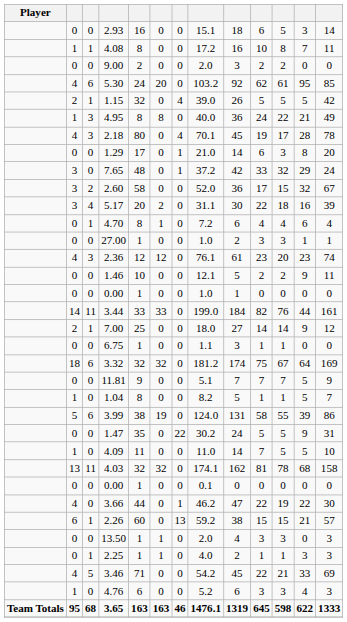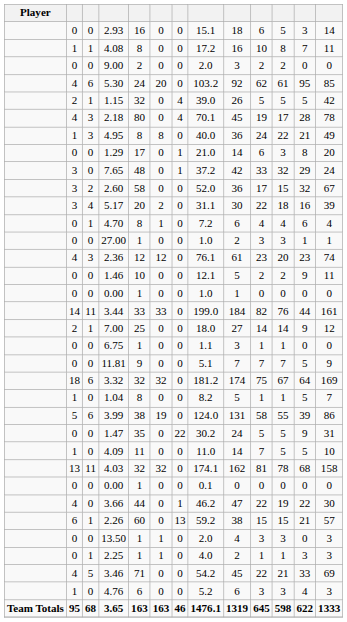 <table class="wikitable sortable" style="text-align:center;">
 <tr>
 <th>Player</th>
 <th></th>
 <th></th>
 <th></th>
 <th></th>
 <th></th>
 <th></th>
 <th></th>
 <th></th>
 <th></th>
 <th></th>
 <th></th>
 <th></th>
 </tr>
 <tr>
 <td align="left"><strong></strong></td>
 <td>0</td>
 <td>0</td>
 <td>2.93</td>
 <td>16</td>
 <td>0</td>
 <td>0</td>
 <td>15.1</td>
 <td>18</td>
 <td>6</td>
 <td>5</td>
 <td>3</td>
 <td>14</td>
 </tr>
 <tr>
 <td align="left"></td>
 <td>1</td>
 <td>1</td>
 <td>4.08</td>
 <td>8</td>
 <td>0</td>
 <td>0</td>
 <td>17.2</td>
 <td>16</td>
 <td>10</td>
 <td>8</td>
 <td>7</td>
 <td>11</td>
 </tr>
 <tr>
 <td align="left"><strong></strong></td>
 <td>0</td>
 <td>0</td>
 <td>9.00</td>
 <td>2</td>
 <td>0</td>
 <td>0</td>
 <td>2.0</td>
 <td>3</td>
 <td>2</td>
 <td>2</td>
 <td>0</td>
 <td>0</td>
 </tr>
 <tr>
 <td align="left"></td>
 <td>4</td>
 <td>6</td>
 <td>5.30</td>
 <td>24</td>
 <td>20</td>
 <td>0</td>
 <td>103.2</td>
 <td>92</td>
 <td>62</td>
 <td>61</td>
 <td>95</td>
 <td>85</td>
 </tr>
 <tr>
 <td align="left"><strong></strong></td>
 <td>2</td>
 <td>1</td>
 <td>1.15</td>
 <td>32</td>
 <td>0</td>
 <td>4</td>
 <td>39.0</td>
 <td>26</td>
 <td>5</td>
 <td>5</td>
 <td>5</td>
 <td>42</td>
 </tr>
 <tr>
 <td align="left"><strong></strong></td>
+<td>4</td>
+<td>3</td>
+<td>2.18</td>
+<td>80</td>
+<td>0</td>
+<td>4</td>
+<td>70.1</td>
+<td>45</td>
+<td>19</td>
+<td>17</td>
+<td>28</td>
+<td>78</td>
+</tr>
+<tr>
+<td align="left"><strong></strong></td>
 <td>1</td>
 <td>3</td>
 <td>4.95</td>
 <td>8</td>
 <td>8</td>
 <td>0</td>
 <td>40.0</td>
 <td>36</td>
 <td>24</td>
 <td>22</td>
 <td>21</td>
 <td>49</td>
-</tr>
-<tr>
-<td align="left"><strong></strong></td>
-<td>4</td>
-<td>3</td>
-<td>2.18</td>
-<td>80</td>
-<td>0</td>
-<td>4</td>
-<td>70.1</td>
-<td>45</td>
-<td>19</td>
-<td>17</td>
-<td>28</td>
-<td>78</td>
 </tr>
 <tr>
 <td align="left"></td>
 <td>0</td>
 <td>0</td>
 <td>1.29</td>
 <td>17</td>
 <td>0</td>
 <td>1</td>
 <td>21.0</td>
 <td>14</td>
 <td>6</td>
 <td>3</td>
 <td>8</td>
 <td>20</td>
 </tr>
 <tr>
 <td align="left"></td>
 <td>3</td>
 <td>0</td>
 <td>7.65</td>
 <td>48</td>
 <td>0</td>
 <td>1</td>
 <td>37.2</td>
 <td>42</td>
 <td>33</td>
 <td>32</td>
 <td>29</td>
 <td>24</td>
 </tr>
 <tr>
 <td align="left"><strong></strong></td>
 <td>3</td>
 <td>2</td>
 <td>2.60</td>
 <td>58</td>
 <td>0</td>
 <td>0</td>
 <td>52.0</td>
 <td>36</td>
 <td>17</td>
 <td>15</td>
 <td>32</td>
 <td>67</td>
 </tr>
 <tr>
 <td align="left"><strong></strong></td>
 <td>3</td>
 <td>4</td>
 <td>5.17</td>
 <td>20</td>
 <td>2</td>
 <td>0</td>
 <td>31.1</td>
 <td>30</td>
 <td>22</td>
 <td>18</td>
 <td>16</td>
 <td>39</td>
 </tr>
 <tr>
 <td align="left"></td>
 <td>0</td>
 <td>1</td>
 <td>4.70</td>
 <td>8</td>
 <td>1</td>
 <td>0</td>
 <td>7.2</td>
 <td>6</td>
 <td>4</td>
 <td>4</td>
 <td>6</td>
 <td>4</td>
 </tr>
 <tr>
 <td align="left"></td>
 <td>0</td>
 <td>0</td>
 <td>27.00</td>
 <td>1</td>
 <td>0</td>
 <td>0</td>
 <td>1.0</td>
 <td>2</td>
 <td>3</td>
 <td>3</td>
 <td>1</td>
 <td>1</td>
 </tr>
 <tr>
 <td align="left"></td>
 <td>4</td>
 <td>3</td>
 <td>2.36</td>
 <td>12</td>
 <td>12</td>
 <td>0</td>
 <td>76.1</td>
 <td>61</td>
 <td>23</td>
 <td>20</td>
 <td>23</td>
 <td>74</td>
 </tr>
 <tr>
 <td align="left"></td>
 <td>0</td>
 <td>0</td>
 <td>1.46</td>
 <td>10</td>
 <td>0</td>
 <td>0</td>
 <td>12.1</td>
 <td>5</td>
 <td>2</td>
 <td>2</td>
 <td>9</td>
 <td>11</td>
 </tr>
 <tr>
 <td align="left"><strong></strong></td>
 <td>0</td>
 <td>0</td>
 <td>0.00</td>
 <td>1</td>
 <td>0</td>
 <td>0</td>
 <td>1.0</td>
 <td>1</td>
 <td>0</td>
 <td>0</td>
 <td>0</td>
 <td>0</td>
 </tr>
 <tr>
 <td align="left"><strong></strong></td>
 <td>14</td>
 <td>11</td>
 <td>3.44</td>
 <td>33</td>
 <td>33</td>
 <td>0</td>
 <td>199.0</td>
 <td>184</td>
 <td>82</td>
 <td>76</td>
 <td>44</td>
 <td>161</td>
 </tr>
 <tr>
 <td align="left"></td>
 <td>2</td>
 <td>1</td>
 <td>7.00</td>
 <td>25</td>
 <td>0</td>
 <td>0</td>
 <td>18.0</td>
 <td>27</td>
 <td>14</td>
 <td>14</td>
 <td>9</td>
 <td>12</td>
 </tr>
 <tr>
 <td align="left"><strong></strong></td>
 <td>0</td>
 <td>0</td>
 <td>6.75</td>
 <td>1</td>
 <td>0</td>
 <td>0</td>
 <td>1.1</td>
 <td>3</td>
 <td>1</td>
 <td>1</td>
 <td>0</td>
 <td>0</td>
 </tr>
 <tr>
 <td align="left"></td>
+<td>0</td>
+<td>0</td>
+<td>11.81</td>
+<td>9</td>
+<td>0</td>
+<td>0</td>
+<td>5.1</td>
+<td>7</td>
+<td>7</td>
+<td>7</td>
+<td>5</td>
+<td>9</td>
+</tr>
+<tr>
+<td align="left"></td>
 <td>18</td>
 <td>6</td>
 <td>3.32</td>
 <td>32</td>
 <td>32</td>
 <td>0</td>
 <td>181.2</td>
 <td>174</td>
 <td>75</td>
 <td>67</td>
 <td>64</td>
 <td>169</td>
-</tr>
-<tr>
-<td align="left"></td>
-<td>0</td>
-<td>0</td>
-<td>11.81</td>
-<td>9</td>
-<td>0</td>
-<td>0</td>
-<td>5.1</td>
-<td>7</td>
-<td>7</td>
-<td>7</td>
-<td>5</td>
-<td>9</td>
 </tr>
 <tr>
 <td align="left"></td>
 <td>1</td>
 <td>0</td>
 <td>1.04</td>
 <td>8</td>
 <td>0</td>
 <td>0</td>
 <td>8.2</td>
 <td>5</td>
 <td>1</td>
 <td>1</td>
 <td>5</td>
 <td>7</td>
 </tr>
 <tr>
 <td align="left"></td>
 <td>5</td>
 <td>6</td>
 <td>3.99</td>
 <td>38</td>
 <td>19</td>
 <td>0</td>
 <td>124.0</td>
 <td>131</td>
 <td>58</td>
 <td>55</td>
 <td>39</td>
 <td>86</td>
 </tr>
 <tr>
 <td align="left"></td>
 <td>0</td>
 <td>0</td>
 <td>1.47</td>
 <td>35</td>
 <td>0</td>
 <td>22</td>
 <td>30.2</td>
 <td>24</td>
 <td>5</td>
 <td>5</td>
 <td>9</td>
 <td>31</td>
 </tr>
 <tr>
 <td align="left"><strong></strong></td>
 <td>1</td>
 <td>0</td>
 <td>4.09</td>
 <td>11</td>
 <td>0</td>
 <td>0</td>
 <td>11.0</td>
 <td>14</td>
 <td>7</td>
 <td>5</td>
 <td>5</td>
 <td>10</td>
 </tr>
 <tr>
 <td align="left"><strong></strong></td>
 <td>13</td>
 <td>11</td>
 <td>4.03</td>
 <td>32</td>
 <td>32</td>
 <td>0</td>
 <td>174.1</td>
 <td>162</td>
 <td>81</td>
 <td>78</td>
 <td>68</td>
 <td>158</td>
 </tr>
 <tr>
 <td align="left"><strong></strong></td>
 <td>0</td>
 <td>0</td>
 <td>0.00</td>
 <td>1</td>
 <td>0</td>
 <td>0</td>
 <td>0.1</td>
 <td>0</td>
 <td>0</td>
 <td>0</td>
 <td>0</td>
 <td>0</td>
 </tr>
 <tr>
 <td align="left"></td>
 <td>4</td>
 <td>0</td>
 <td>3.66</td>
 <td>44</td>
 <td>0</td>
 <td>1</td>
 <td>46.2</td>
 <td>47</td>
 <td>22</td>
 <td>19</td>
 <td>22</td>
 <td>30</td>
 </tr>
 <tr>
 <td align="left"></td>
 <td>6</td>
 <td>1</td>
 <td>2.26</td>
 <td>60</td>
 <td>0</td>
 <td>13</td>
 <td>59.2</td>
 <td>38</td>
 <td>15</td>
 <td>15</td>
 <td>21</td>
 <td>57</td>
 </tr>
 <tr>
 <td align="left"></td>
 <td>0</td>
 <td>0</td>
 <td>13.50</td>
 <td>1</td>
 <td>1</td>
 <td>0</td>
 <td>2.0</td>
 <td>4</td>
 <td>3</td>
 <td>3</td>
 <td>0</td>
 <td>3</td>
 </tr>
 <tr>
 <td align="left"><strong></strong></td>
 <td>0</td>
 <td>1</td>
 <td>2.25</td>
 <td>1</td>
 <td>1</td>
 <td>0</td>
 <td>4.0</td>
 <td>2</td>
 <td>1</td>
 <td>1</td>
 <td>3</td>
 <td>3</td>
 </tr>
 <tr>
 <td align="left"><strong></strong></td>
 <td>4</td>
 <td>5</td>
 <td>3.46</td>
 <td>71</td>
 <td>0</td>
 <td>0</td>
 <td>54.2</td>
 <td>45</td>
 <td>22</td>
 <td>21</td>
 <td>33</td>
 <td>69</td>
 </tr>
 <tr>
 <td align="left"><strong></strong></td>
 <td>1</td>
 <td>0</td>
 <td>4.76</td>
 <td>6</td>
 <td>0</td>
 <td>0</td>
 <td>5.2</td>
 <td>6</td>
 <td>3</td>
 <td>3</td>
 <td>4</td>
 <td>3</td>
 </tr>
 <tr>
 <td align="left"><strong>Team Totals</strong></td>
 <td><strong>95</strong></td>
 <td><strong>68</strong></td>
 <td><strong>3.65</strong></td>
 <td><strong>163</strong></td>
 <td><strong>163</strong></td>
 <td><strong>46</strong></td>
 <td><strong>1476.1</strong></td>
 <td><strong>1319</strong></td>
 <td><strong>645</strong></td>
 <td><strong>598</strong></td>
 <td><strong>622</strong></td>
 <td><strong>1333</strong></td>
 </tr>
 <tr class=="sortbottom">
 </tr>
 </table>
